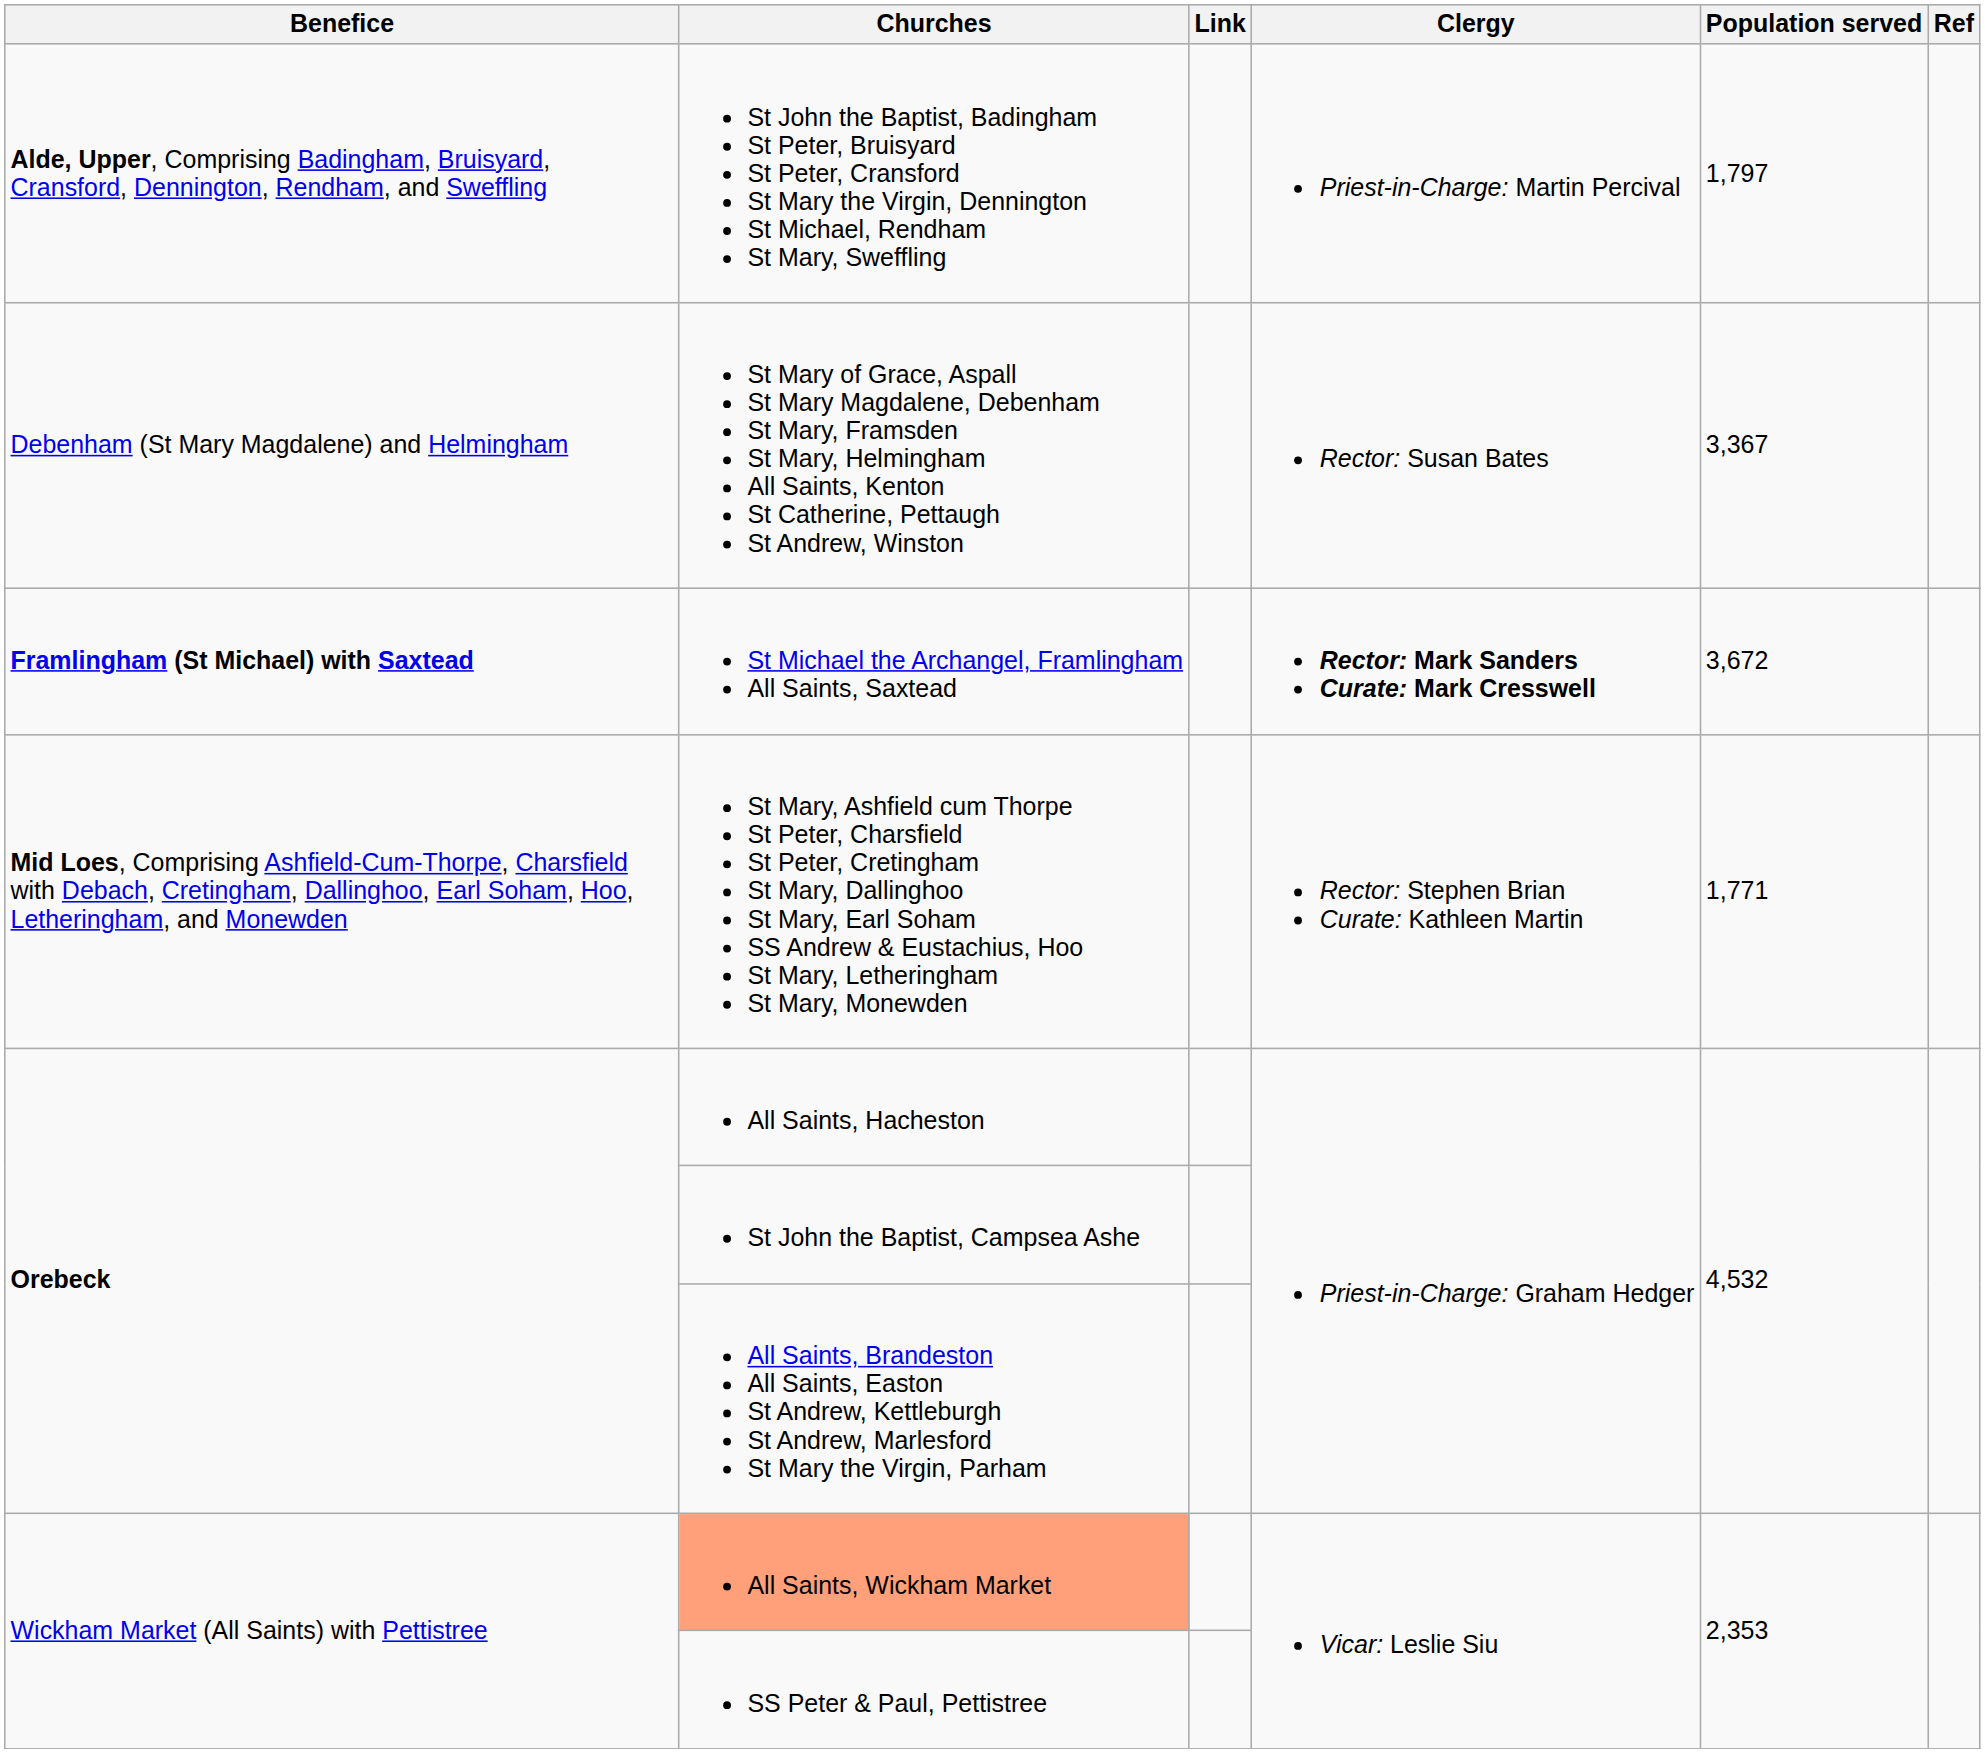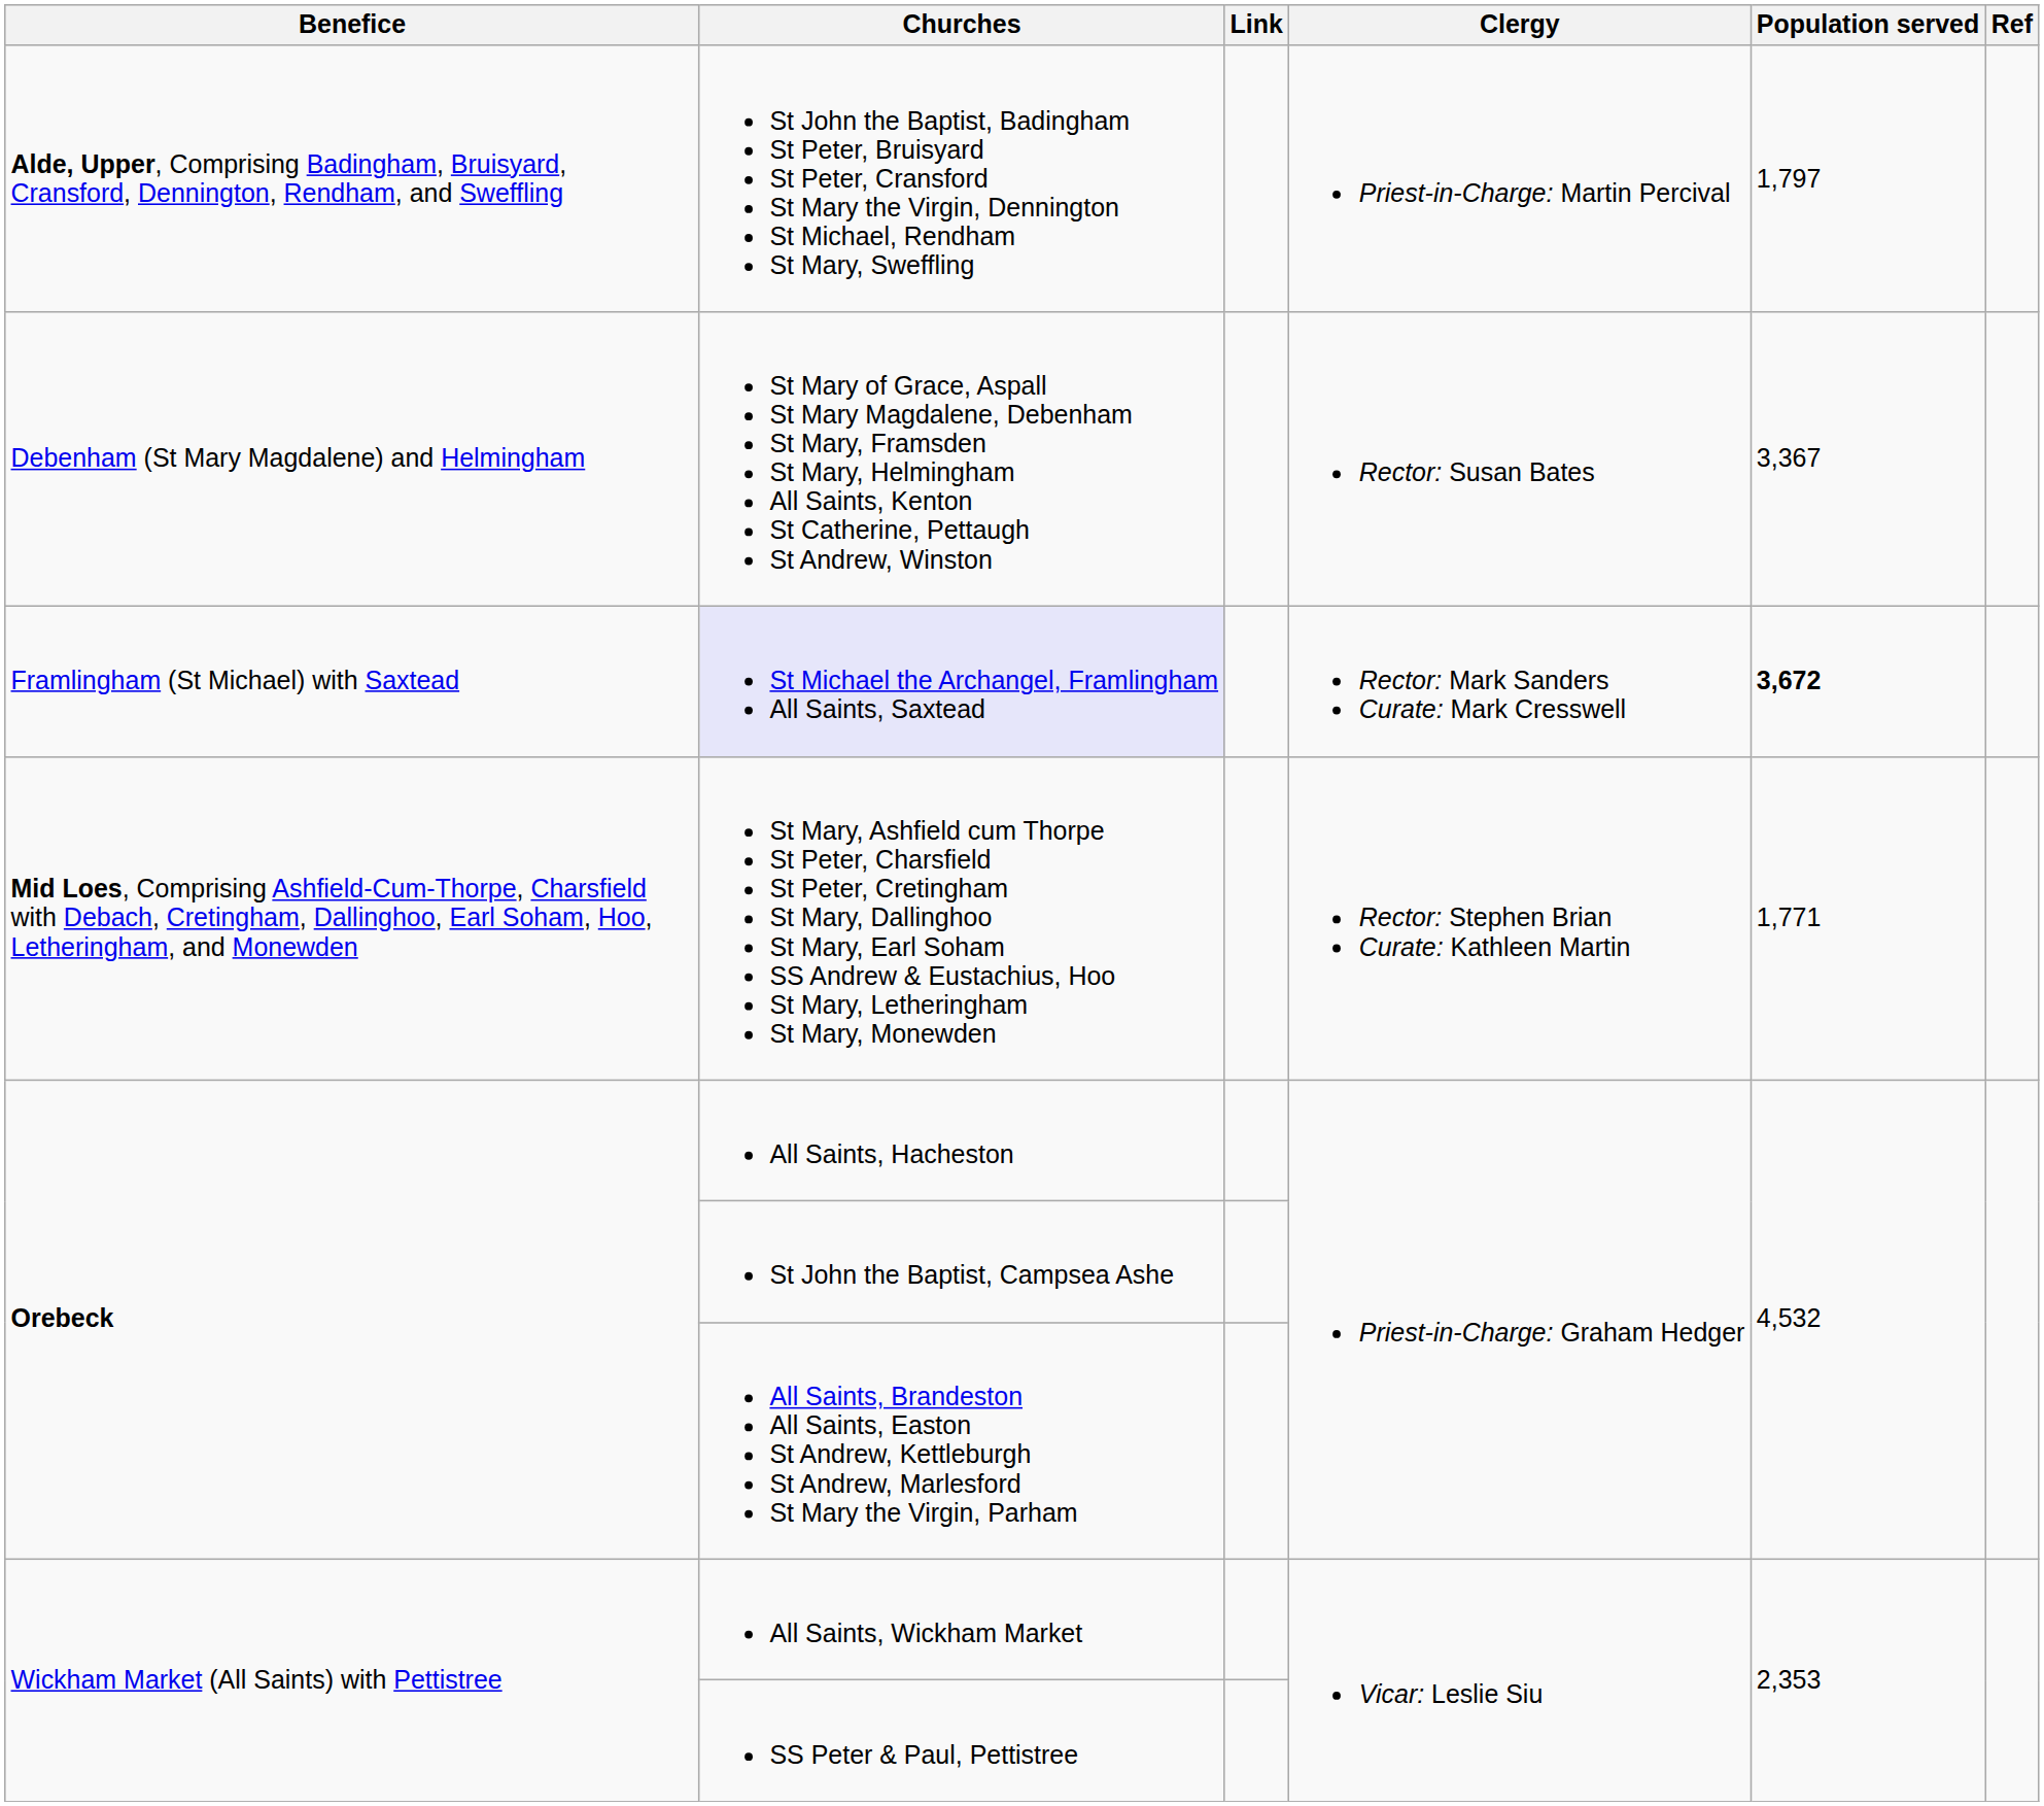 <table class="wikitable">
 <tr>
 <th width="425">Benefice</th>
 <th>Churches</th>
 <th>Link</th>
 <th>Clergy</th>
 <th>Population served</th>
 <th>Ref</th>
 </tr>
 <tr>
 <td><strong>Alde, Upper</strong>, Comprising <a href='#'>Badingham</a>, <a href='#'>Bruisyard</a>, <a href='#'>Cransford</a>, <a href='#'>Dennington</a>, <a href='#'>Rendham</a>, and <a href='#'>Sweffling</a></td>
 <td><br><ul><li>St John the Baptist, Badingham</li><li>St Peter, Bruisyard</li><li>St Peter, Cransford</li><li>St Mary the Virgin, Dennington</li><li>St Michael, Rendham</li><li>St Mary, Sweffling</li></ul></td>
 <td></td>
 <td><br><ul><li><em>Priest-in-Charge:</em> Martin Percival</li></ul></td>
 <td>1,797</td>
 <td></td>
 </tr>
 <tr>
 <td><a href='#'>Debenham</a> (St Mary Magdalene) and <a href='#'>Helmingham</a></td>
 <td><br><ul><li>St Mary of Grace, Aspall</li><li>St Mary Magdalene, Debenham</li><li>St Mary, Framsden</li><li>St Mary, Helmingham</li><li>All Saints, Kenton</li><li>St Catherine, Pettaugh</li><li>St Andrew, Winston</li></ul></td>
 <td></td>
 <td><br><ul><li><em>Rector:</em> Susan Bates</li></ul></td>
 <td>3,367</td>
 <td></td>
 </tr>
 <tr>
-<td><strong><a href='#'>Framlingham</a> (St Michael) with <a href='#'>Saxtead</a></strong></td>
-<td><br><ul><li><a href='#'>St Michael the Archangel, Framlingham</a></li><li>All Saints, Saxtead</li></ul></td>
+<td><a href='#'>Framlingham</a> (St Michael) with <a href='#'>Saxtead</a></td>
+<td style="background: lavender;"><br><ul><li><a href='#'>St Michael the Archangel, Framlingham</a></li><li>All Saints, Saxtead</li></ul></td>
 <td></td>
-<td><strong><br><ul><li><em>Rector:</em> Mark Sanders</li><li><em>Curate:</em> Mark Cresswell</li></ul></strong></td>
-<td>3,672</td>
+<td><br><ul><li><em>Rector:</em> Mark Sanders</li><li><em>Curate:</em> Mark Cresswell</li></ul></td>
+<td><strong>3,672</strong></td>
 <td></td>
 </tr>
 <tr>
 <td><strong>Mid Loes</strong>, Comprising <a href='#'>Ashfield-Cum-Thorpe</a>, <a href='#'>Charsfield</a> with <a href='#'>Debach</a>, <a href='#'>Cretingham</a>, <a href='#'>Dallinghoo</a>, <a href='#'>Earl Soham</a>, <a href='#'>Hoo</a>, <a href='#'>Letheringham</a>, and <a href='#'>Monewden</a></td>
 <td><br><ul><li>St Mary, Ashfield cum Thorpe</li><li>St Peter, Charsfield</li><li>St Peter, Cretingham</li><li>St Mary, Dallinghoo</li><li>St Mary, Earl Soham</li><li>SS Andrew & Eustachius, Hoo</li><li>St Mary, Letheringham</li><li>St Mary, Monewden</li></ul></td>
 <td></td>
 <td><br><ul><li><em>Rector:</em> Stephen Brian</li><li><em>Curate:</em> Kathleen Martin</li></ul></td>
 <td>1,771</td>
 <td></td>
 </tr>
 <tr>
 <td rowspan="3"><strong>Orebeck</strong></td>
 <td><br><ul><li>All Saints, Hacheston</li></ul></td>
 <td></td>
 <td rowspan="3"><br><ul><li><em>Priest-in-Charge:</em> Graham Hedger</li></ul></td>
 <td rowspan="3">4,532</td>
 <td rowspan="3"></td>
 </tr>
 <tr>
 <td><br><ul><li>St John the Baptist, Campsea Ashe</li></ul></td>
 <td></td>
 </tr>
 <tr>
 <td><br><ul><li><a href='#'>All Saints, Brandeston</a></li><li>All Saints, Easton</li><li>St Andrew, Kettleburgh</li><li>St Andrew, Marlesford</li><li>St Mary the Virgin, Parham</li></ul></td>
 <td></td>
 </tr>
 <tr>
 <td rowspan="2"><a href='#'>Wickham Market</a> (All Saints) with <a href='#'>Pettistree</a></td>
-<td style="background: lightsalmon;"><br><ul><li>All Saints, Wickham Market</li></ul></td>
+<td><br><ul><li>All Saints, Wickham Market</li></ul></td>
 <td></td>
 <td rowspan="2"><br><ul><li><em>Vicar:</em> Leslie Siu</li></ul></td>
 <td rowspan="2">2,353</td>
 <td rowspan="2"></td>
 </tr>
 <tr>
 <td><br><ul><li>SS Peter & Paul, Pettistree</li></ul></td>
 <td></td>
 </tr>
 </table>
